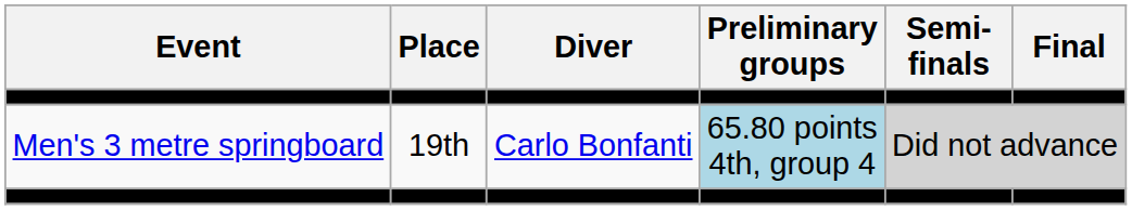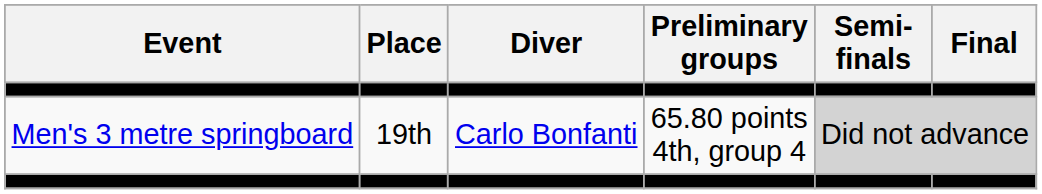 <table class=wikitable>
 <tr>
 <th>Event</th>
 <th>Place</th>
 <th>Diver</th>
 <th>Preliminary <br> groups</th>
 <th>Semi-<br>finals</th>
 <th>Final</th>
 </tr>
 <tr bgcolor=black>
 <td></td>
 <td></td>
 <td></td>
 <td></td>
 <td></td>
 <td></td>
 </tr>
 <tr align=center>
 <td align=left><a href='#'>Men's 3 metre springboard</a></td>
 <td>19th</td>
 <td align=left><a href='#'>Carlo Bonfanti</a></td>
-<td style="background: lightblue;">65.80 points <br> 4th, group 4</td>
+<td>65.80 points <br> 4th, group 4</td>
 <td colspan=2 bgcolor=lightgray>Did not advance</td>
 </tr>
 <tr bgcolor=black>
 <td></td>
 <td></td>
 <td></td>
 <td></td>
 <td></td>
 <td></td>
 </tr>
 </table>
